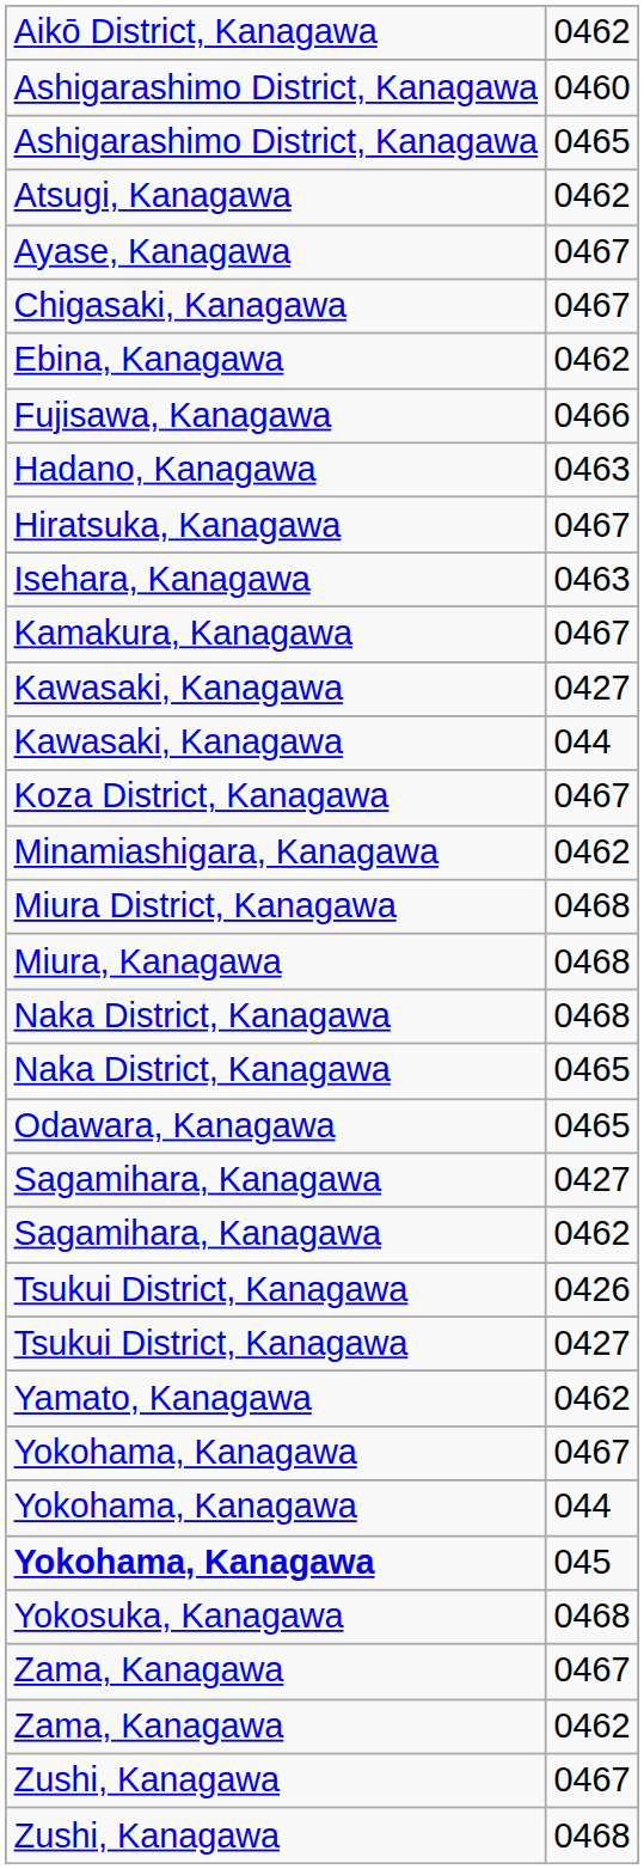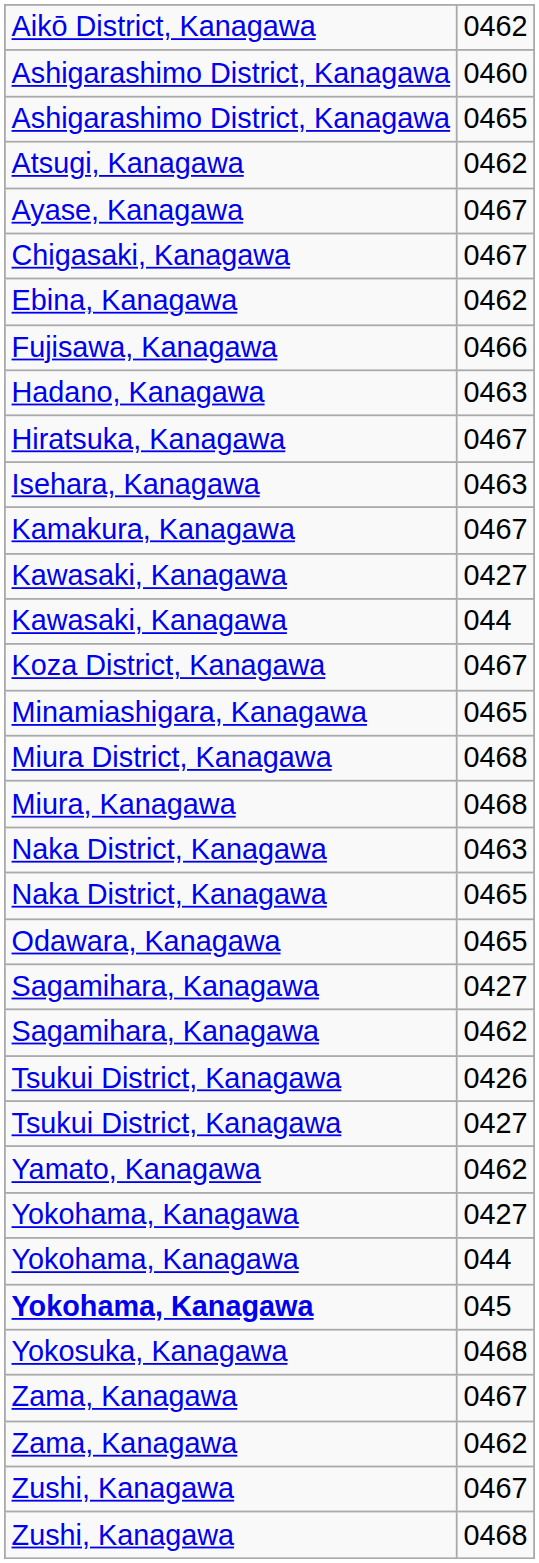 <table class="wikitable">
 <tr>
 <td><a href='#'>Aikō District, Kanagawa</a></td>
 <td>0462</td>
 </tr>
 <tr>
 <td><a href='#'>Ashigarashimo District, Kanagawa</a></td>
 <td>0460</td>
 </tr>
 <tr>
 <td><a href='#'>Ashigarashimo District, Kanagawa</a></td>
 <td>0465</td>
 </tr>
 <tr>
 <td><a href='#'>Atsugi, Kanagawa</a></td>
 <td>0462</td>
 </tr>
 <tr>
 <td><a href='#'>Ayase, Kanagawa</a></td>
 <td>0467</td>
 </tr>
 <tr>
 <td><a href='#'>Chigasaki, Kanagawa</a></td>
 <td>0467</td>
 </tr>
 <tr>
 <td><a href='#'>Ebina, Kanagawa</a></td>
 <td>0462</td>
 </tr>
 <tr>
 <td><a href='#'>Fujisawa, Kanagawa</a></td>
 <td>0466</td>
 </tr>
 <tr>
 <td><a href='#'>Hadano, Kanagawa</a></td>
 <td>0463</td>
 </tr>
 <tr>
 <td><a href='#'>Hiratsuka, Kanagawa</a></td>
 <td>0467</td>
 </tr>
 <tr>
 <td><a href='#'>Isehara, Kanagawa</a></td>
 <td>0463</td>
 </tr>
 <tr>
 <td><a href='#'>Kamakura, Kanagawa</a></td>
 <td>0467</td>
 </tr>
 <tr>
 <td><a href='#'>Kawasaki, Kanagawa</a></td>
 <td>0427</td>
 </tr>
 <tr>
 <td><a href='#'>Kawasaki, Kanagawa</a></td>
 <td>044</td>
 </tr>
 <tr>
 <td><a href='#'>Koza District, Kanagawa</a></td>
 <td>0467</td>
 </tr>
 <tr>
 <td><a href='#'>Minamiashigara, Kanagawa</a></td>
-<td>0462</td>
+<td>0465</td>
 </tr>
 <tr>
 <td><a href='#'>Miura District, Kanagawa</a></td>
 <td>0468</td>
 </tr>
 <tr>
 <td><a href='#'>Miura, Kanagawa</a></td>
 <td>0468</td>
 </tr>
 <tr>
 <td><a href='#'>Naka District, Kanagawa</a></td>
-<td>0468</td>
+<td>0463</td>
 </tr>
 <tr>
 <td><a href='#'>Naka District, Kanagawa</a></td>
 <td>0465</td>
 </tr>
 <tr>
 <td><a href='#'>Odawara, Kanagawa</a></td>
 <td>0465</td>
 </tr>
 <tr>
 <td><a href='#'>Sagamihara, Kanagawa</a></td>
 <td>0427</td>
 </tr>
 <tr>
 <td><a href='#'>Sagamihara, Kanagawa</a></td>
 <td>0462</td>
 </tr>
 <tr>
 <td><a href='#'>Tsukui District, Kanagawa</a></td>
 <td>0426</td>
 </tr>
 <tr>
 <td><a href='#'>Tsukui District, Kanagawa</a></td>
 <td>0427</td>
 </tr>
 <tr>
 <td><a href='#'>Yamato, Kanagawa</a></td>
 <td>0462</td>
 </tr>
 <tr>
 <td><a href='#'>Yokohama, Kanagawa</a></td>
-<td>0467</td>
+<td>0427</td>
 </tr>
 <tr>
 <td><a href='#'>Yokohama, Kanagawa</a></td>
 <td>044</td>
 </tr>
 <tr>
 <td><strong><a href='#'>Yokohama, Kanagawa</a></strong></td>
 <td>045</td>
 </tr>
 <tr>
 <td><a href='#'>Yokosuka, Kanagawa</a></td>
 <td>0468</td>
 </tr>
 <tr>
 <td><a href='#'>Zama, Kanagawa</a></td>
 <td>0467</td>
 </tr>
 <tr>
 <td><a href='#'>Zama, Kanagawa</a></td>
 <td>0462</td>
 </tr>
 <tr>
 <td><a href='#'>Zushi, Kanagawa</a></td>
 <td>0467</td>
 </tr>
 <tr>
 <td><a href='#'>Zushi, Kanagawa</a></td>
 <td>0468</td>
 </tr>
 </table>
